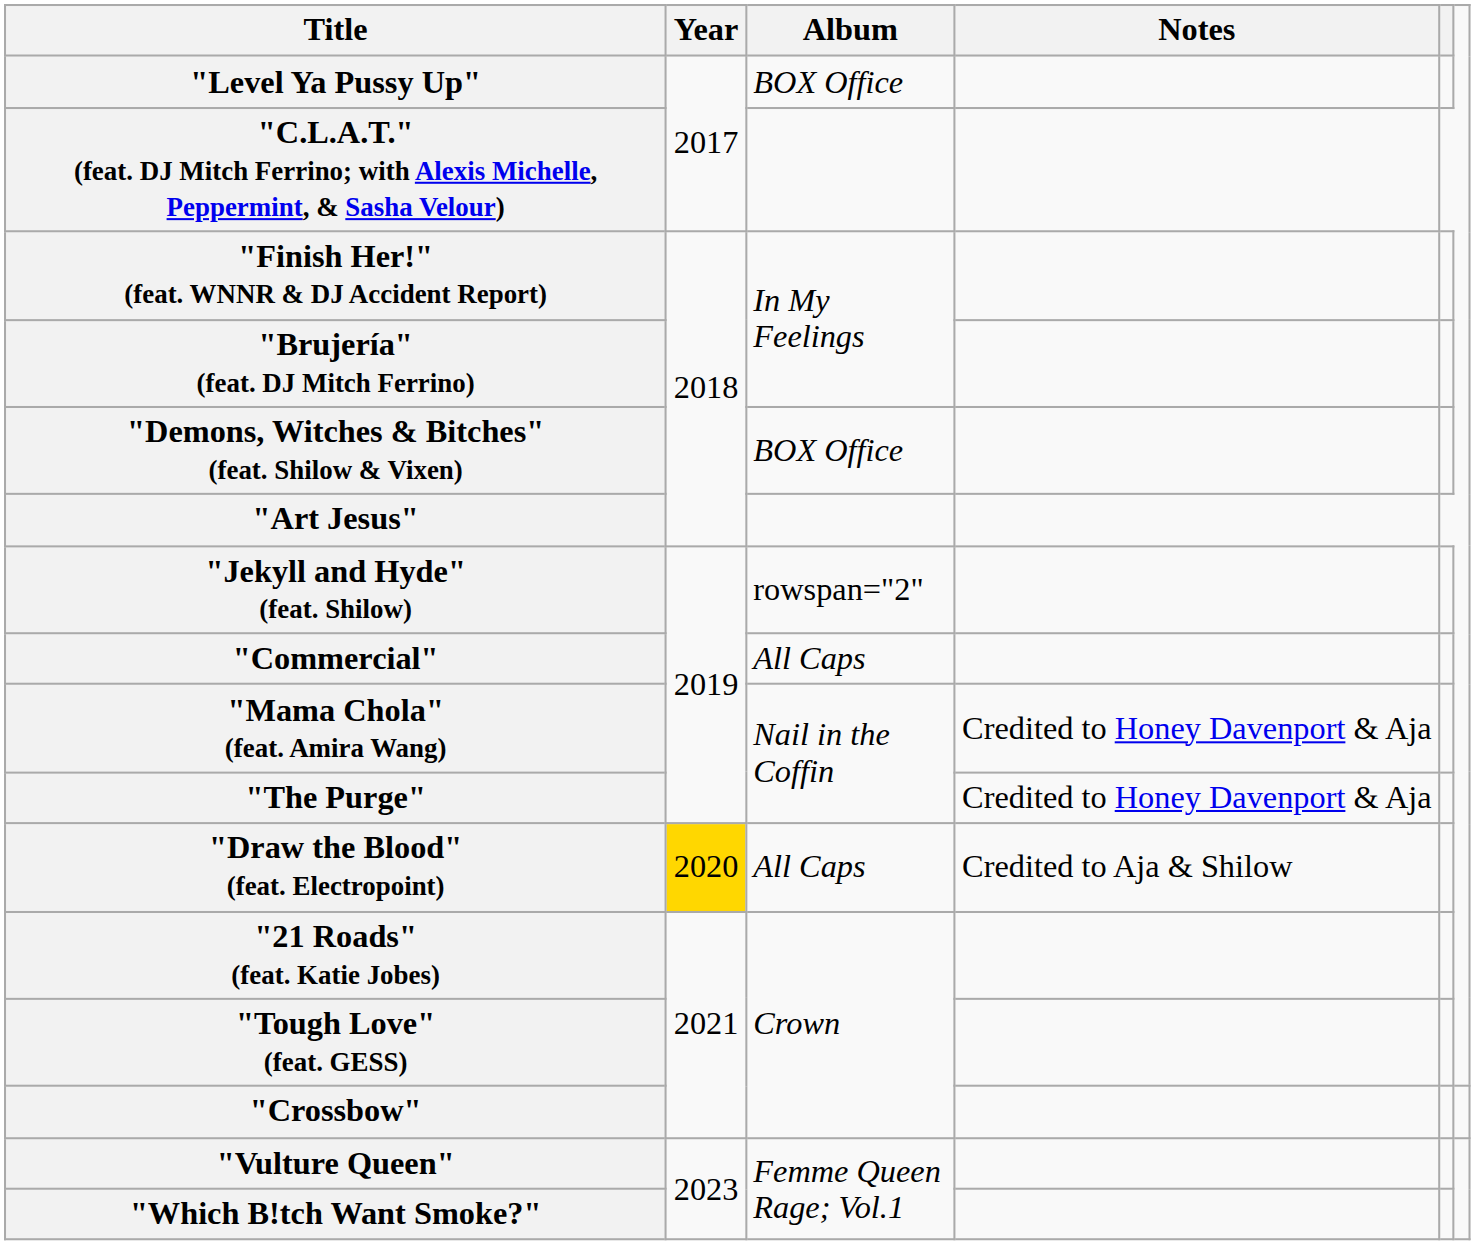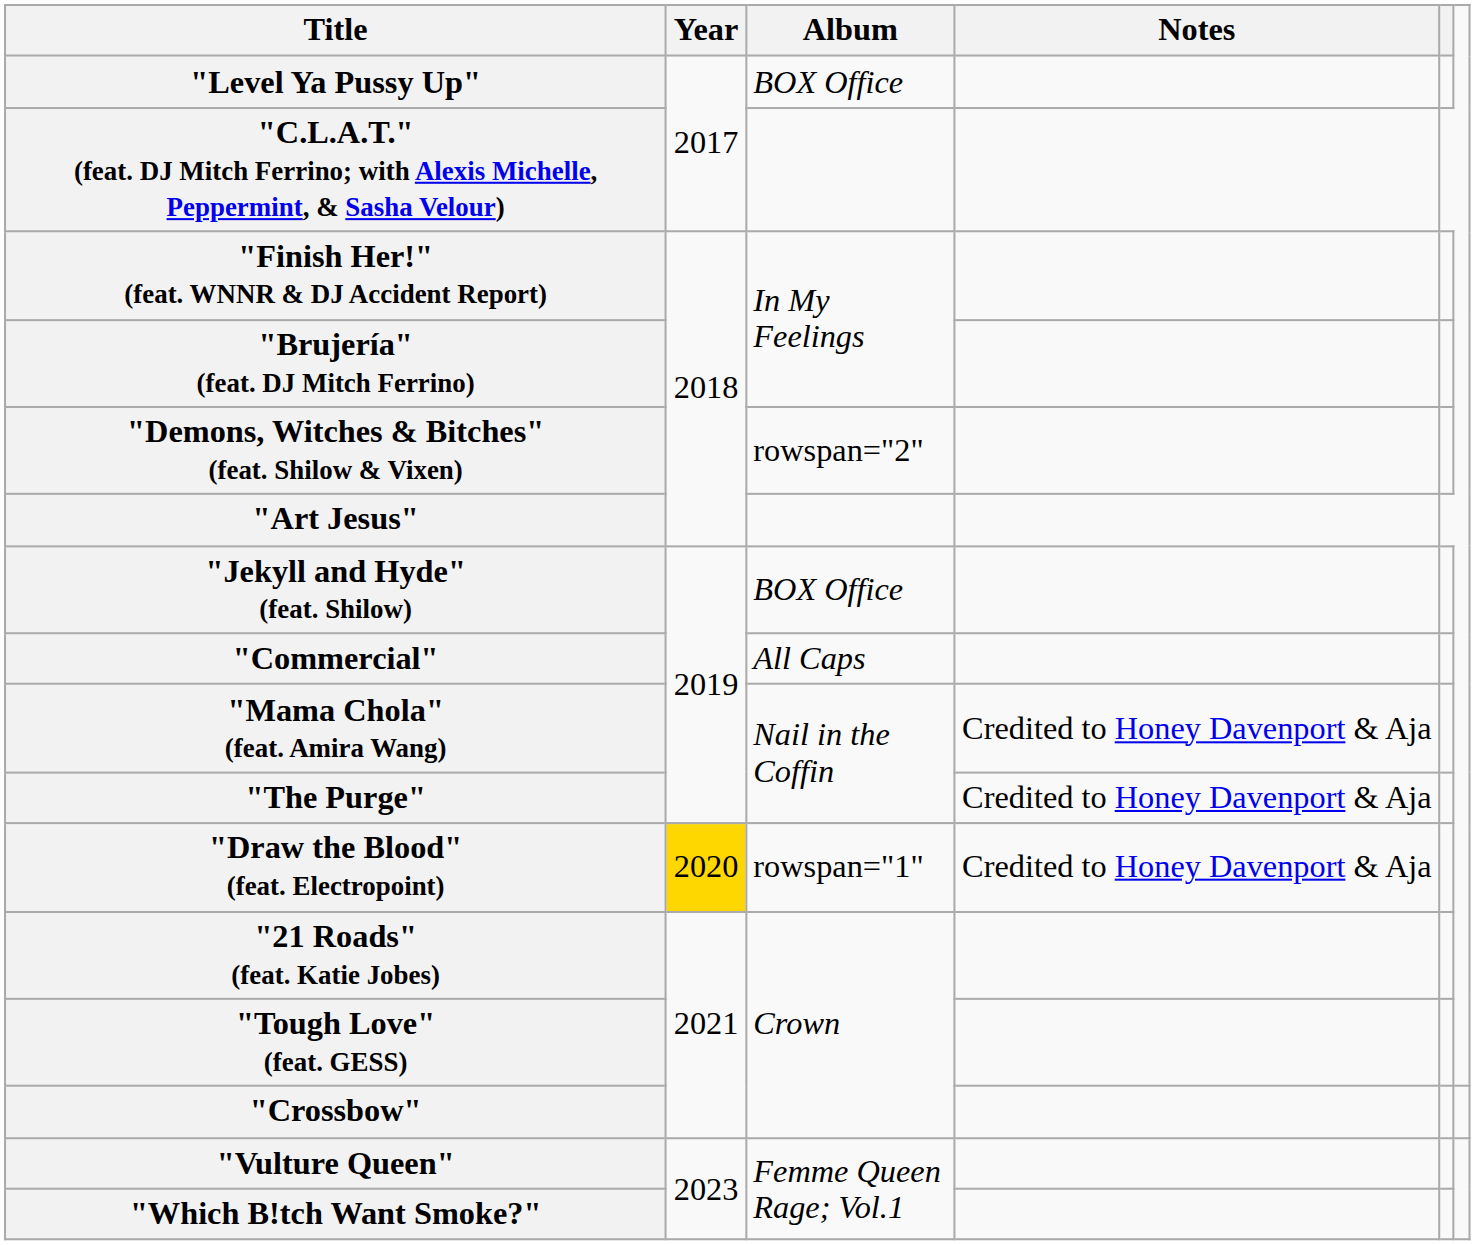 <table class="wikitable plainrowheaders sortable" style="text-align:left;">
 <tr>
 <th scope="col"  style="width:20em;">Title</th>
 <th scope="col"  style="width:2em;">Year</th>
 <th scope="col"  style="width:6em;">Album</th>
 <th class="unsortable">Notes</th>
 <th rowspan="1" style="text-align: center;" class="unsortable"></th>
 </tr>
 <tr>
 <th scope="row">"Level Ya Pussy Up"</th>
 <td rowspan="2">2017</td>
 <td><em>BOX Office</em></td>
 <td></td>
 <td style="text-align: center;"></td>
 </tr>
 <tr>
 <th scope="row">"C.L.A.T."<br><small>(feat. DJ Mitch Ferrino; with <a href='#'>Alexis Michelle</a>, <a href='#'>Peppermint</a>, & <a href='#'>Sasha Velour</a>)</small></th>
 <td></td>
 <td style="text-align: center;"></td>
 </tr>
 <tr>
 <th scope="row">"Finish Her!"<br><small>(feat. WNNR & DJ Accident Report)</small></th>
 <td rowspan="4">2018</td>
 <td rowspan="2"><em>In My Feelings</em></td>
 <td></td>
 <td style="text-align: center;"></td>
 </tr>
 <tr>
 <th scope="row">"Brujería"<br><small>(feat. DJ Mitch Ferrino)</small></th>
 <td></td>
 <td style="text-align: center;"></td>
 </tr>
 <tr>
 <th scope="row">"Demons, Witches & Bitches"<br><small>(feat. Shilow & Vixen)</small></th>
-<td><em>BOX Office</em></td>
+<td>rowspan="2" </td>
 <td></td>
 <td style="text-align: center;"></td>
 </tr>
 <tr>
 <th scope="row">"Art Jesus"</th>
 <td></td>
 <td style="text-align: center;"></td>
 </tr>
 <tr>
 <th scope="row">"Jekyll and Hyde"<br><small>(feat. Shilow)</small></th>
 <td rowspan="4">2019</td>
-<td>rowspan="2" </td>
+<td><em>BOX Office</em></td>
 <td></td>
 <td style="text-align: center;"></td>
 </tr>
 <tr>
 <th scope="row">"Commercial"</th>
 <td><em>All Caps</em></td>
 <td></td>
 <td style="text-align: center;"></td>
 </tr>
 <tr>
 <th scope="row">"Mama Chola"<br><small>(feat. Amira Wang)</small></th>
 <td rowspan="2"><em>Nail in the Coffin</em></td>
 <td rowspan="1">Credited to <a href='#'>Honey Davenport</a> & Aja</td>
 <td style="text-align: center;"></td>
 </tr>
 <tr>
 <th scope="row">"The Purge"</th>
 <td rowspan="1">Credited to <a href='#'>Honey Davenport</a> & Aja</td>
 <td style="text-align: center;"></td>
 </tr>
 <tr>
 <th scope="row">"Draw the Blood"<br><small>(feat. Electropoint)</small></th>
 <td rowspan="1" style="background: gold;">2020</td>
-<td><em>All Caps</em></td>
-<td>Credited to Aja & Shilow</td>
+<td>rowspan="1" </td>
+<td rowspan="1">Credited to <a href='#'>Honey Davenport</a> & Aja</td>
 <td style="text-align: center;"></td>
 </tr>
 <tr>
 <th scope="row">"21 Roads"<br><small>(feat. Katie Jobes)</small></th>
 <td rowspan="3">2021</td>
 <td rowspan="3"><em>Crown</em></td>
 <td></td>
 <td style="text-align: center;"></td>
 </tr>
 <tr>
 <th scope="row">"Tough Love"<br><small>(feat. GESS)</small></th>
 <td></td>
 <td style="text-align: center;"></td>
 </tr>
 <tr>
 <th scope="row">"Crossbow"</th>
 <td></td>
 <td style="text-align: center;"></td>
 <td></td>
 </tr>
 <tr>
 <th scope="row">"Vulture Queen"</th>
 <td rowspan="2">2023</td>
 <td rowspan="2"><em>Femme Queen Rage; Vol.1</em></td>
 <td></td>
 <td style="text-align: center;"></td>
 </tr>
 <tr>
 <th scope="row">"Which B!tch Want Smoke?"</th>
 <td></td>
 <td style="text-align: center;"></td>
 </tr>
 </table>
